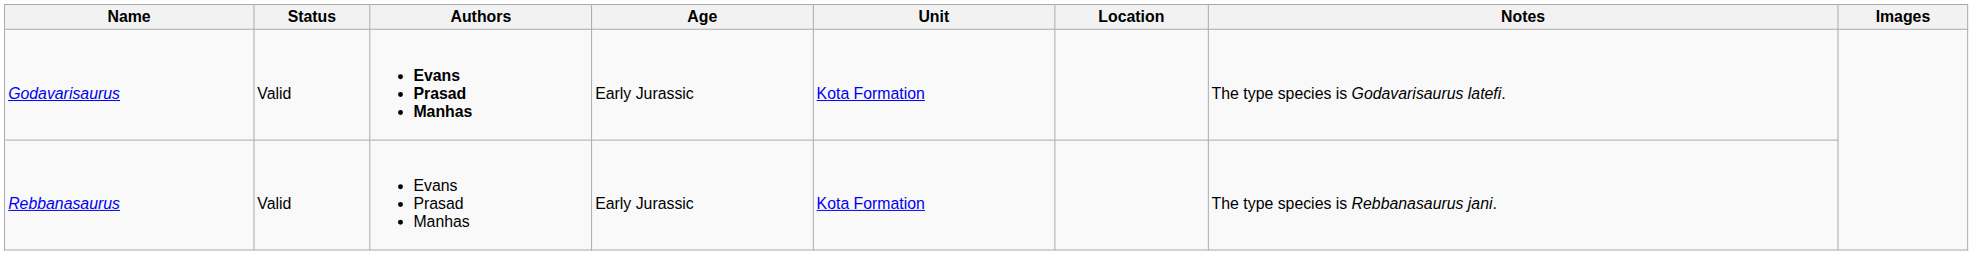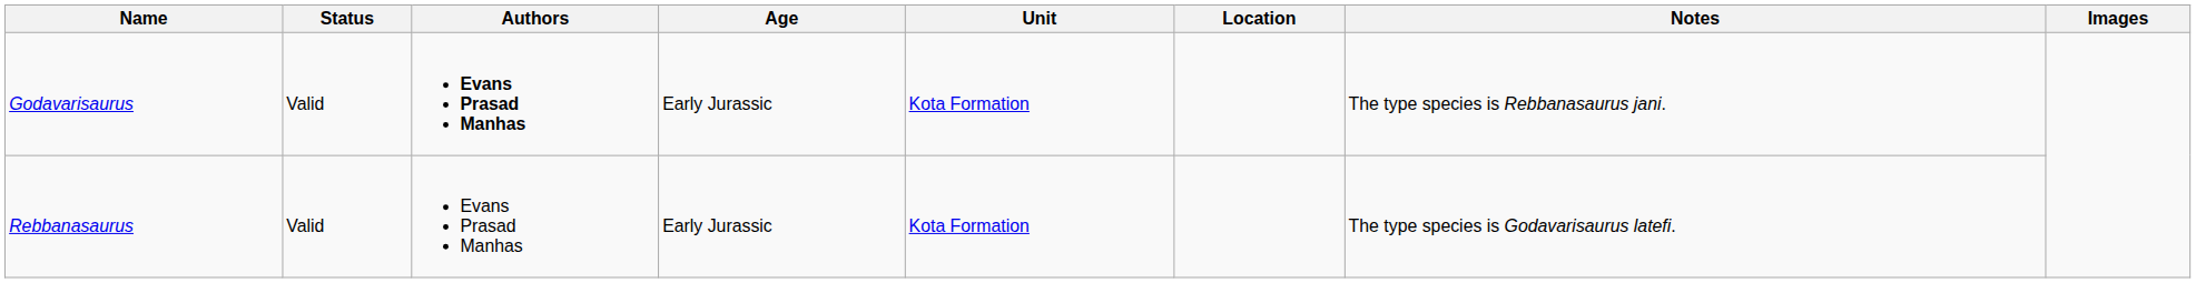 <table class="wikitable sortable" align="center" width="100%">
 <tr>
 <th>Name</th>
 <th>Status</th>
 <th>Authors</th>
 <th>Age</th>
 <th>Unit</th>
 <th>Location</th>
 <th>Notes</th>
 <th>Images</th>
 </tr>
 <tr>
 <td><br><em><a href='#'>Godavarisaurus</a></em></td>
 <td><br>Valid</td>
 <td><strong><br><ul><li>Evans</li><li>Prasad</li><li>Manhas</li></ul></strong></td>
 <td><br>Early Jurassic</td>
 <td><br><a href='#'>Kota Formation</a></td>
 <td><br></td>
-<td><br>The type species is <em>Godavarisaurus latefi</em>.</td>
+<td><br>The type species is <em>Rebbanasaurus jani</em>.</td>
 <td rowspan="47"><br></td>
 </tr>
 <tr>
 <td><br><em><a href='#'>Rebbanasaurus</a></em></td>
 <td><br>Valid</td>
 <td><br><ul><li>Evans</li><li>Prasad</li><li>Manhas</li></ul></td>
 <td><br>Early Jurassic</td>
 <td><br><a href='#'>Kota Formation</a></td>
 <td><br></td>
-<td><br>The type species is <em>Rebbanasaurus jani</em>.</td>
+<td><br>The type species is <em>Godavarisaurus latefi</em>.</td>
 </tr>
 </table>
